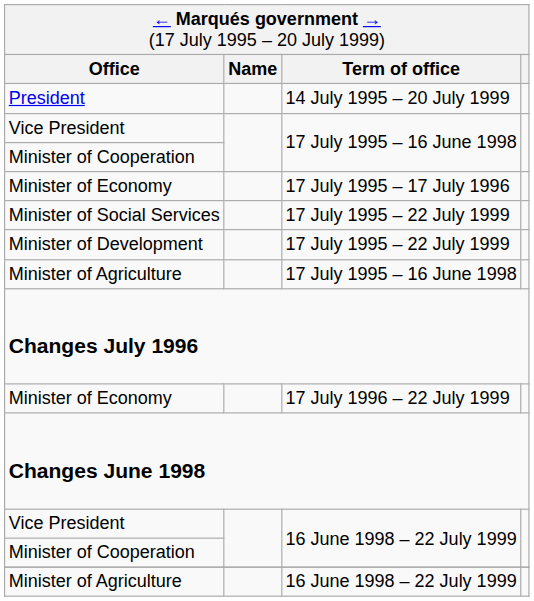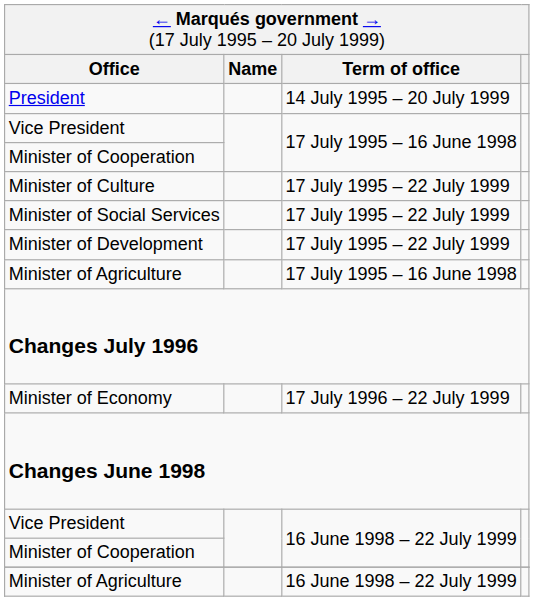 <table class="wikitable" style="font-size:97%;">
 <tr>
 <td colspan="4" bgcolor="#F2F2F2" align="center"><a href='#'>←</a> <strong>Marqués government</strong>  <a href='#'>→</a><br>(17 July 1995 – 20 July 1999)</td>
 </tr>
 <tr>
 <th>Office</th>
 <th>Name</th>
 <th>Term of office</th>
 <th></th>
 </tr>
 <tr>
 <td><a href='#'>President</a></td>
 <td><strong></strong></td>
 <td>14 July 1995 – 20 July 1999</td>
 <td align=center></td>
 </tr>
 <tr>
 <td>Vice President</td>
 <td rowspan=2><strong></strong> </td>
 <td rowspan=2>17 July 1995 – 16 June 1998</td>
 <td rowspan=2 align=center></td>
 </tr>
 <tr>
 <td>Minister of Cooperation</td>
 </tr>
 <tr>
-<td>Minister of Economy</td>
-<td><strong></strong> </td>
-<td>17 July 1995 – 17 July 1996</td>
+<td>Minister of Culture</td>
+<td><strong></strong></td>
+<td>17 July 1995 – 22 July 1999</td>
 <td align=center></td>
 </tr>
 <tr>
 <td>Minister of Social Services</td>
 <td><strong></strong></td>
 <td>17 July 1995 – 22 July 1999</td>
 <td align=center></td>
 </tr>
 <tr>
 <td>Minister of Development</td>
 <td><strong></strong></td>
 <td>17 July 1995 – 22 July 1999</td>
 <td align=center></td>
 </tr>
 <tr>
 <td>Minister of Agriculture</td>
 <td><strong></strong></td>
 <td>17 July 1995 – 16 June 1998</td>
 <td align=center></td>
 </tr>
 <tr>
 <td colspan="4"><br><h3>Changes July 1996</h3></td>
 </tr>
 <tr>
 <td>Minister of Economy</td>
 <td><strong></strong></td>
 <td>17 July 1996 – 22 July 1999</td>
 <td align="center"></td>
 </tr>
 <tr>
 <td colspan="4"><br><h3>Changes June 1998</h3></td>
 </tr>
 <tr>
 <td>Vice President</td>
 <td rowspan=2><strong></strong> </td>
 <td rowspan=2>16 June 1998 – 22 July 1999</td>
 <td rowspan=2 align=center></td>
 </tr>
 <tr>
 <td>Minister of Cooperation</td>
 </tr>
 <tr>
 </tr>
 <tr>
 <td>Minister of Agriculture</td>
 <td><strong></strong></td>
 <td>16 June 1998 – 22 July 1999</td>
 <td align=center></td>
 </tr>
 </table>
